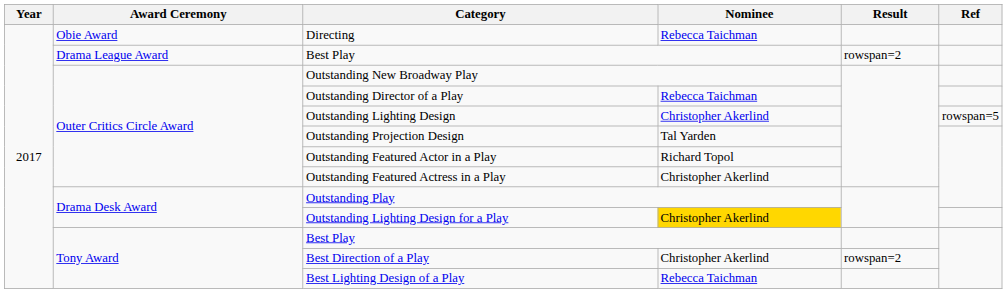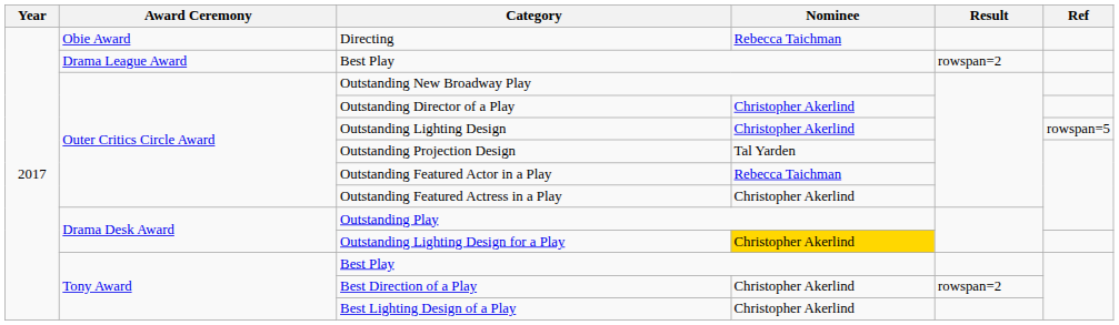 <table class="wikitable">
 <tr>
 <th width="5%">Year</th>
 <th width="26%">Award Ceremony</th>
 <th width="37%">Category</th>
 <th width="19%">Nominee</th>
 <th width="10%">Result</th>
 <th width="3%">Ref</th>
 </tr>
 <tr>
 <td rowspan="13" align="center">2017</td>
 <td><a href='#'>Obie Award</a></td>
 <td>Directing</td>
 <td><a href='#'>Rebecca Taichman</a></td>
 <td></td>
 <td align="center"></td>
 </tr>
 <tr>
 <td rowspan="1"><a href='#'>Drama League Award</a></td>
 <td colspan="2">Best Play</td>
 <td>rowspan=2 </td>
 <td rowspan="1" align="center"></td>
 </tr>
 <tr>
 <td rowspan="6"><a href='#'>Outer Critics Circle Award</a></td>
 <td colspan="2">Outstanding New Broadway Play</td>
 <td rowspan="6" align="center"></td>
 </tr>
 <tr>
 <td>Outstanding Director of a Play</td>
-<td><a href='#'>Rebecca Taichman</a></td>
+<td><a href='#'>Christopher Akerlind</a></td>
 <td></td>
 </tr>
 <tr>
 <td>Outstanding Lighting Design</td>
 <td><a href='#'>Christopher Akerlind</a></td>
 <td>rowspan=5 </td>
 </tr>
 <tr>
 <td>Outstanding Projection Design</td>
 <td>Tal Yarden</td>
 </tr>
 <tr>
 <td>Outstanding Featured Actor in a Play</td>
-<td>Richard Topol</td>
+<td><a href='#'>Rebecca Taichman</a></td>
 </tr>
 <tr>
 <td>Outstanding Featured Actress in a Play</td>
 <td>Christopher Akerlind</td>
 </tr>
 <tr>
 <td rowspan="2"><a href='#'>Drama Desk Award</a></td>
 <td colspan="2"><a href='#'>Outstanding Play</a></td>
 <td rowspan="2" align="center"></td>
 </tr>
 <tr>
 <td><a href='#'>Outstanding Lighting Design for a Play</a></td>
 <td style="background: gold;">Christopher Akerlind</td>
 <td></td>
 </tr>
 <tr>
 <td rowspan="3"><a href='#'>Tony Award</a></td>
 <td colspan="2"><a href='#'>Best Play</a></td>
 <td></td>
 <td rowspan="3"></td>
 </tr>
 <tr>
 <td><a href='#'>Best Direction of a Play</a></td>
 <td>Christopher Akerlind</td>
 <td>rowspan=2 </td>
 </tr>
 <tr>
 <td><a href='#'>Best Lighting Design of a Play</a></td>
-<td><a href='#'>Rebecca Taichman</a></td>
+<td>Christopher Akerlind</td>
 </tr>
 </table>
